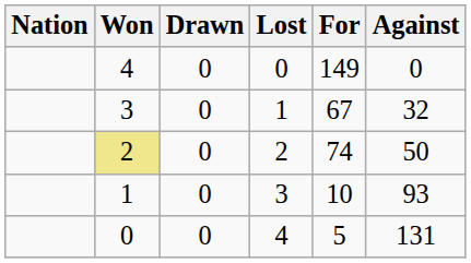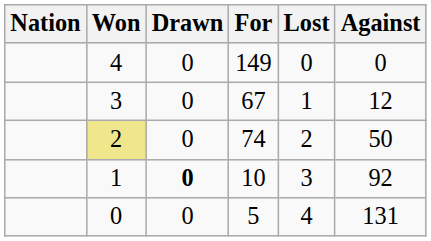 <table class="wikitable" style="text-align: center;">
 <tr>
 <th>Nation</th>
 <th>Won</th>
 <th>Drawn</th>
+<th>For</th>
 <th>Lost</th>
-<th>For</th>
 <th>Against</th>
 </tr>
 <tr>
 <td align="left"></td>
 <td>4</td>
 <td>0</td>
+<td>149</td>
 <td>0</td>
-<td>149</td>
 <td>0</td>
 </tr>
 <tr>
 <td align="left"></td>
 <td>3</td>
 <td>0</td>
+<td>67</td>
 <td>1</td>
-<td>67</td>
-<td>32</td>
+<td>12</td>
 </tr>
 <tr>
 <td align="left"></td>
 <td style="background: khaki;">2</td>
 <td>0</td>
+<td>74</td>
 <td>2</td>
-<td>74</td>
 <td>50</td>
 </tr>
 <tr>
 <td align="left"></td>
 <td>1</td>
-<td>0</td>
+<td><strong>0</strong></td>
+<td>10</td>
 <td>3</td>
-<td>10</td>
-<td>93</td>
+<td>92</td>
 </tr>
 <tr>
 <td align="left"></td>
 <td>0</td>
 <td>0</td>
+<td>5</td>
 <td>4</td>
-<td>5</td>
 <td>131</td>
 </tr>
 </table>
